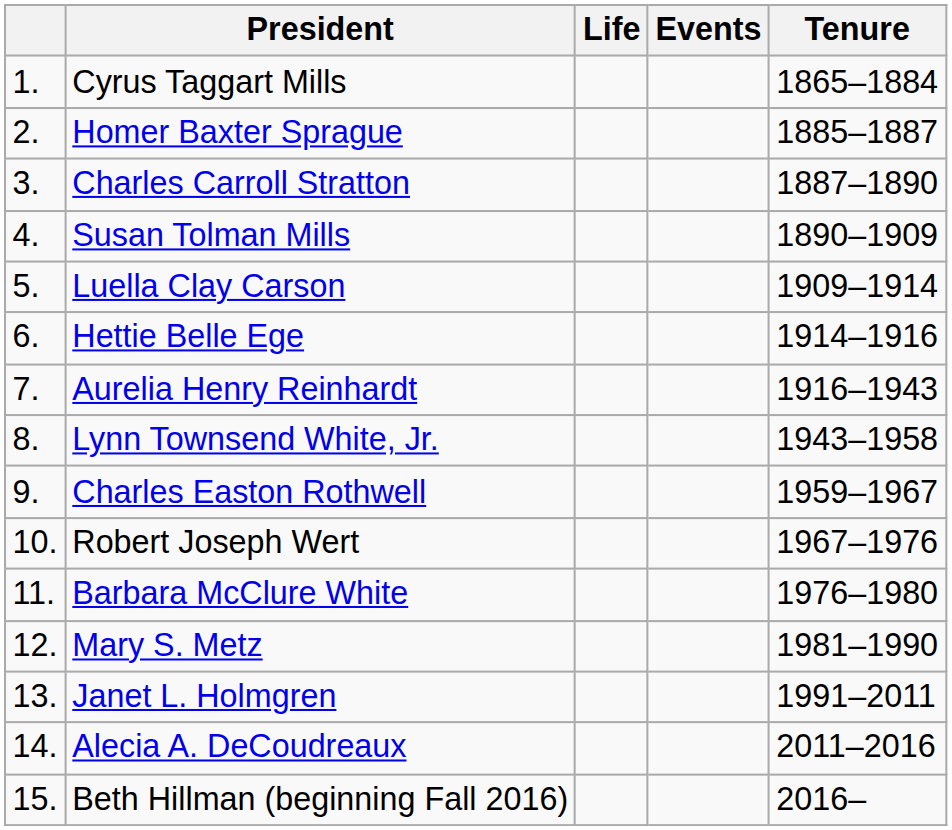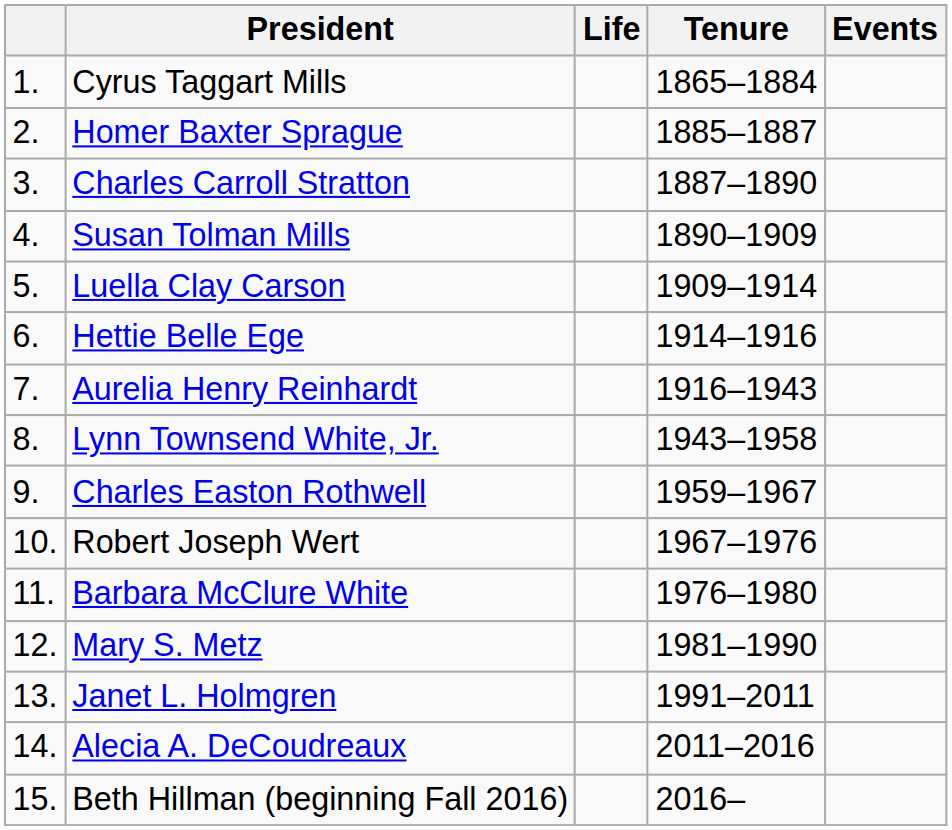 <table class="wikitable">
 <tr>
 <th align="left"></th>
 <th align="left">President</th>
 <th align="right">Life</th>
+<th align="center">Tenure</th>
 <th align="left">Events</th>
-<th align="center">Tenure</th>
 </tr>
 <tr>
 <td>1.</td>
 <td>Cyrus Taggart Mills</td>
 <td></td>
+<td>1865–1884</td>
 <td></td>
-<td>1865–1884</td>
 </tr>
 <tr>
 <td>2.</td>
 <td><a href='#'>Homer Baxter Sprague</a></td>
 <td></td>
+<td>1885–1887</td>
 <td></td>
-<td>1885–1887</td>
 </tr>
 <tr>
 <td>3.</td>
 <td><a href='#'>Charles Carroll Stratton</a></td>
 <td></td>
+<td>1887–1890</td>
 <td></td>
-<td>1887–1890</td>
 </tr>
 <tr>
 <td>4.</td>
 <td><a href='#'>Susan Tolman Mills</a></td>
 <td></td>
+<td>1890–1909</td>
 <td></td>
-<td>1890–1909</td>
 </tr>
 <tr>
 <td>5.</td>
 <td><a href='#'>Luella Clay Carson</a></td>
 <td></td>
+<td>1909–1914</td>
 <td></td>
-<td>1909–1914</td>
 </tr>
 <tr>
 <td>6.</td>
 <td><a href='#'>Hettie Belle Ege</a></td>
 <td></td>
+<td>1914–1916</td>
 <td></td>
-<td>1914–1916</td>
 </tr>
 <tr>
 <td>7.</td>
 <td><a href='#'>Aurelia Henry Reinhardt</a></td>
 <td></td>
+<td>1916–1943</td>
 <td></td>
-<td>1916–1943</td>
 </tr>
 <tr>
 <td>8.</td>
 <td><a href='#'>Lynn Townsend White, Jr.</a></td>
 <td></td>
+<td>1943–1958</td>
 <td></td>
-<td>1943–1958</td>
 </tr>
 <tr>
 <td>9.</td>
 <td><a href='#'>Charles Easton Rothwell</a></td>
 <td></td>
+<td>1959–1967</td>
 <td></td>
-<td>1959–1967</td>
 </tr>
 <tr>
 <td>10.</td>
 <td>Robert Joseph Wert</td>
 <td></td>
+<td>1967–1976</td>
 <td></td>
-<td>1967–1976</td>
 </tr>
 <tr>
 <td>11.</td>
 <td><a href='#'>Barbara McClure White</a></td>
 <td></td>
+<td>1976–1980</td>
 <td></td>
-<td>1976–1980</td>
 </tr>
 <tr>
 <td>12.</td>
 <td><a href='#'>Mary S. Metz</a></td>
 <td></td>
+<td>1981–1990</td>
 <td></td>
-<td>1981–1990</td>
 </tr>
 <tr>
 <td>13.</td>
 <td><a href='#'>Janet L. Holmgren</a></td>
 <td></td>
+<td>1991–2011</td>
 <td></td>
-<td>1991–2011</td>
 </tr>
 <tr>
 <td>14.</td>
 <td><a href='#'>Alecia A. DeCoudreaux</a></td>
 <td></td>
+<td>2011–2016</td>
 <td></td>
-<td>2011–2016</td>
 </tr>
 <tr>
 <td>15.</td>
 <td>Beth Hillman (beginning Fall 2016)</td>
 <td></td>
+<td>2016–</td>
 <td></td>
-<td>2016–</td>
 </tr>
 </table>
